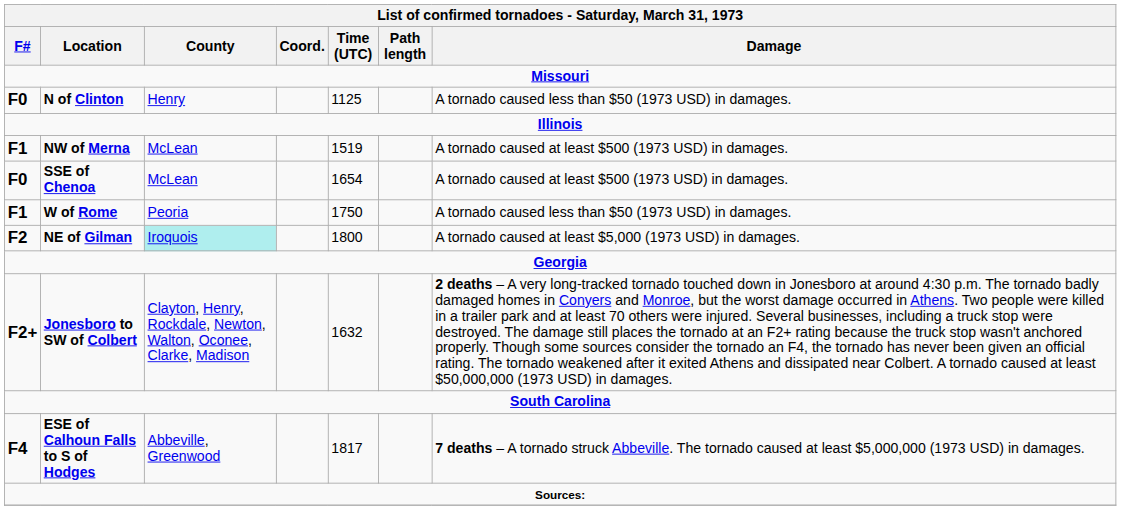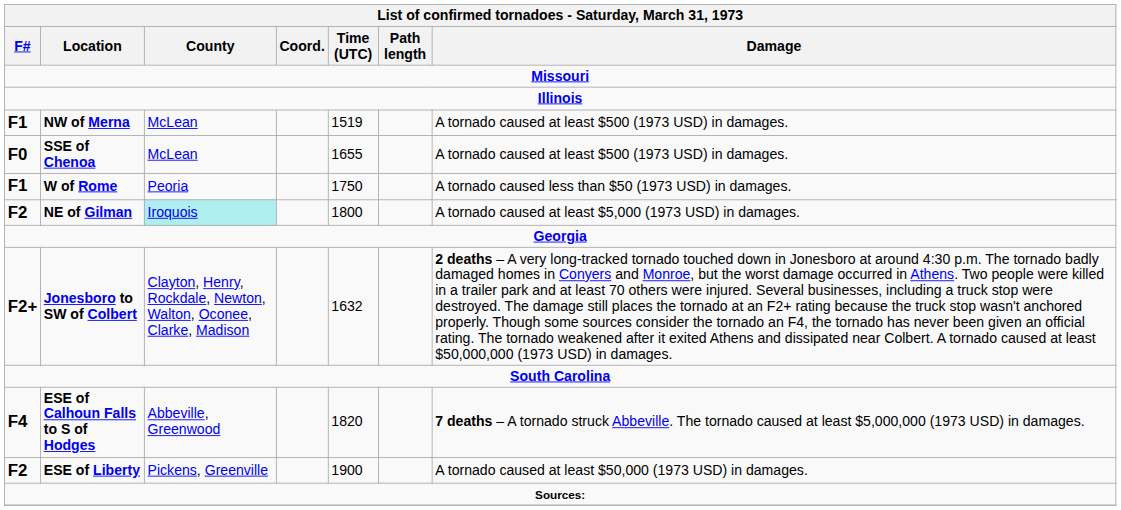 <table class="wikitable collapsible" width="100%">
 <tr>
 <th colspan="7">List of confirmed tornadoes - Saturday, March 31, 1973</th>
 </tr>
 <tr>
 <th><a href='#'>F#</a></th>
 <th>Location</th>
 <th>County</th>
 <th>Coord.</th>
 <th>Time (UTC)</th>
 <th>Path length</th>
 <th>Damage</th>
 </tr>
 <tr>
 <td colspan="7" align=center><strong><a href='#'>Missouri</a></strong></td>
-</tr>
-<tr>
-<td><big><strong>F0</strong></big></td>
-<td><strong>N of <a href='#'>Clinton</a></strong></td>
-<td><a href='#'>Henry</a></td>
-<td></td>
-<td>1125</td>
-<td></td>
-<td>A tornado caused less than $50 (1973 USD) in damages.</td>
 </tr>
 <tr>
 <td colspan="7" align="center"><strong><a href='#'>Illinois</a></strong></td>
 </tr>
 <tr>
 <td><big><strong>F1</strong></big></td>
 <td><strong>NW of <a href='#'>Merna</a></strong></td>
 <td><a href='#'>McLean</a></td>
 <td></td>
 <td>1519</td>
 <td></td>
 <td>A tornado caused at least $500 (1973 USD) in damages.</td>
 </tr>
 <tr>
 <td><big><strong>F0</strong></big></td>
 <td><strong>SSE of <a href='#'>Chenoa</a></strong></td>
 <td><a href='#'>McLean</a></td>
 <td></td>
-<td>1654</td>
+<td>1655</td>
 <td></td>
 <td>A tornado caused at least $500 (1973 USD) in damages.</td>
 </tr>
 <tr>
 <td><big><strong>F1</strong></big></td>
 <td><strong>W of <a href='#'>Rome</a></strong></td>
 <td><a href='#'>Peoria</a></td>
 <td></td>
 <td>1750</td>
 <td></td>
 <td>A tornado caused less than $50 (1973 USD) in damages.</td>
 </tr>
 <tr>
 <td><big><strong>F2</strong></big></td>
 <td><strong>NE of <a href='#'>Gilman</a></strong></td>
 <td style="background: paleturquoise;"><a href='#'>Iroquois</a></td>
 <td></td>
 <td>1800</td>
 <td></td>
 <td>A tornado caused at least $5,000 (1973 USD) in damages.</td>
 </tr>
 <tr>
 <td colspan="7" align="center"><strong><a href='#'>Georgia</a></strong></td>
 </tr>
 <tr>
 <td><big><strong>F2+</strong></big></td>
 <td><strong><a href='#'>Jonesboro</a> to SW of <a href='#'>Colbert</a></strong></td>
 <td><a href='#'>Clayton</a>, <a href='#'>Henry</a>, <a href='#'>Rockdale</a>, <a href='#'>Newton</a>, <a href='#'>Walton</a>, <a href='#'>Oconee</a>, <a href='#'>Clarke</a>, <a href='#'>Madison</a></td>
 <td></td>
 <td>1632</td>
 <td></td>
 <td><strong>2 deaths</strong> – A very long-tracked tornado touched down in Jonesboro at around 4:30 p.m. The tornado badly damaged homes in <a href='#'>Conyers</a> and <a href='#'>Monroe</a>, but the worst damage occurred in <a href='#'>Athens</a>. Two people were killed in a trailer park and at least 70 others were injured. Several businesses, including a truck stop were destroyed. The damage still places the tornado at an F2+ rating because the truck stop wasn't anchored properly. Though some sources consider the tornado an F4, the tornado has never been given an official rating. The tornado weakened after it exited Athens and dissipated near Colbert. A tornado caused at least $50,000,000 (1973 USD) in damages.</td>
 </tr>
 <tr>
 <td colspan="7" align="center"><strong><a href='#'>South Carolina</a></strong></td>
 </tr>
 <tr>
 <td><big><strong>F4</strong></big></td>
 <td><strong>ESE of <a href='#'>Calhoun Falls</a> to S of <a href='#'>Hodges</a></strong></td>
 <td><a href='#'>Abbeville</a>, <a href='#'>Greenwood</a></td>
 <td></td>
-<td>1817</td>
+<td>1820</td>
 <td></td>
 <td><strong>7 deaths</strong> – A tornado struck <a href='#'>Abbeville</a>. The tornado caused at least $5,000,000 (1973 USD) in damages.</td>
+</tr>
+<tr>
+<td><big><strong>F2</strong></big></td>
+<td><strong>ESE of <a href='#'>Liberty</a></strong></td>
+<td><a href='#'>Pickens</a>, <a href='#'>Greenville</a></td>
+<td></td>
+<td>1900</td>
+<td></td>
+<td>A tornado caused at least $50,000 (1973 USD) in damages.</td>
 </tr>
 <tr>
 <td colspan="7" align="center"><small><strong>Sources:</strong> </small></td>
 </tr>
 <tr>
 </tr>
 </table>
